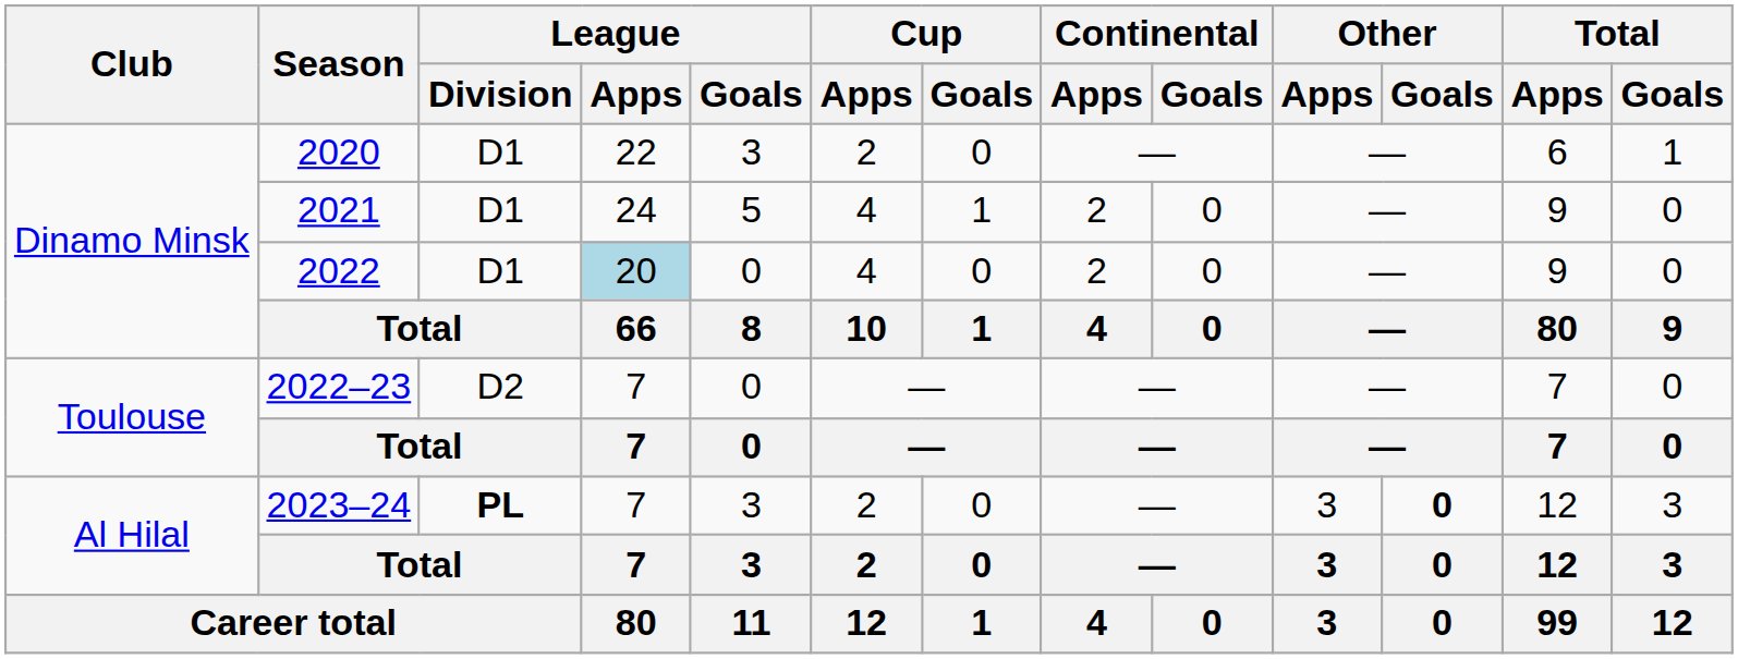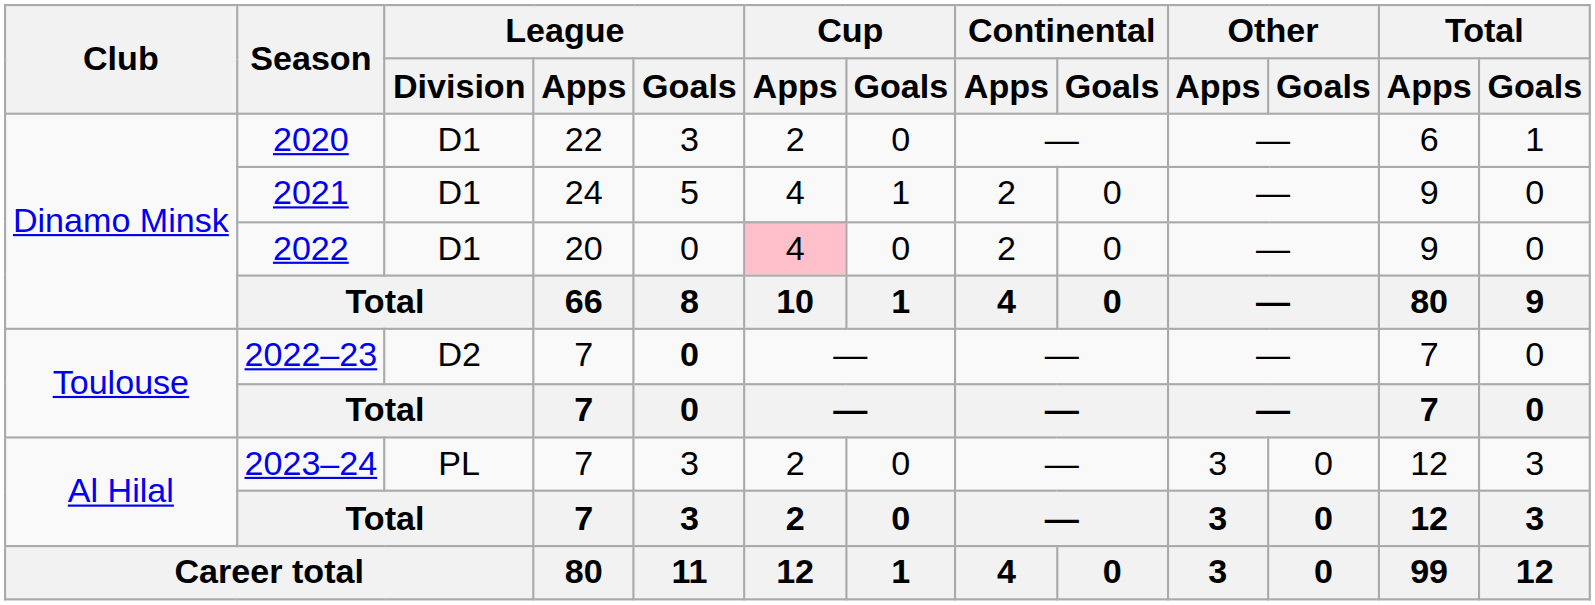 <table class="wikitable" style="text-align: center;">
 <tr>
 <th rowspan="2">Club</th>
 <th rowspan="2">Season</th>
 <th colspan="3">League</th>
 <th colspan="2">Cup</th>
 <th colspan="2">Continental</th>
 <th colspan="2">Other</th>
 <th colspan="2">Total</th>
 </tr>
 <tr>
 <th>Division</th>
 <th>Apps</th>
 <th>Goals</th>
 <th>Apps</th>
 <th>Goals</th>
 <th>Apps</th>
 <th>Goals</th>
 <th>Apps</th>
 <th>Goals</th>
 <th>Apps</th>
 <th>Goals</th>
 </tr>
 <tr>
 <td rowspan=4><a href='#'>Dinamo Minsk</a></td>
 <td><a href='#'>2020</a></td>
 <td>D1</td>
 <td>22</td>
 <td>3</td>
 <td>2</td>
 <td>0</td>
 <td colspan="2">—</td>
 <td colspan="2">—</td>
 <td>6</td>
 <td>1</td>
 </tr>
 <tr>
 <td><a href='#'>2021</a></td>
 <td>D1</td>
 <td>24</td>
 <td>5</td>
 <td>4</td>
 <td>1</td>
 <td>2</td>
 <td>0</td>
 <td colspan="2">—</td>
 <td>9</td>
 <td>0</td>
 </tr>
 <tr>
 <td><a href='#'>2022</a></td>
 <td>D1</td>
-<td style="background: lightblue;">20</td>
+<td>20</td>
 <td>0</td>
-<td>4</td>
+<td style="background: pink;">4</td>
 <td>0</td>
 <td>2</td>
 <td>0</td>
 <td colspan="2">—</td>
 <td>9</td>
 <td>0</td>
 </tr>
 <tr>
 <th colspan="2">Total</th>
 <th>66</th>
 <th>8</th>
 <th>10</th>
 <th>1</th>
 <th>4</th>
 <th>0</th>
 <th colspan="2">—</th>
 <th>80</th>
 <th>9</th>
 </tr>
 <tr>
 <td rowspan=2><a href='#'>Toulouse</a></td>
 <td><a href='#'>2022–23</a></td>
 <td>D2</td>
 <td>7</td>
-<td>0</td>
+<td><strong>0</strong></td>
 <td colspan="2">—</td>
 <td colspan="2">—</td>
 <td colspan="2">—</td>
 <td>7</td>
 <td>0</td>
 </tr>
 <tr>
 <th colspan="2">Total</th>
 <th>7</th>
 <th>0</th>
 <th colspan="2">—</th>
 <th colspan="2">—</th>
 <th colspan="2">—</th>
 <th>7</th>
 <th>0</th>
 </tr>
 <tr>
 <td rowspan=2><a href='#'>Al Hilal</a></td>
 <td><a href='#'>2023–24</a></td>
-<td><strong>PL</strong></td>
+<td>PL</td>
 <td>7</td>
 <td>3</td>
 <td>2</td>
 <td>0</td>
 <td colspan="2">—</td>
 <td>3</td>
-<td><strong>0</strong></td>
+<td>0</td>
 <td>12</td>
 <td>3</td>
 </tr>
 <tr>
 <th colspan="2">Total</th>
 <th>7</th>
 <th>3</th>
 <th>2</th>
 <th>0</th>
 <th colspan="2">—</th>
 <th>3</th>
 <th>0</th>
 <th>12</th>
 <th>3</th>
 </tr>
 <tr>
 <th colspan=3>Career total</th>
 <th>80</th>
 <th>11</th>
 <th>12</th>
 <th>1</th>
 <th>4</th>
 <th>0</th>
 <th>3</th>
 <th>0</th>
 <th>99</th>
 <th>12</th>
 </tr>
 </table>
